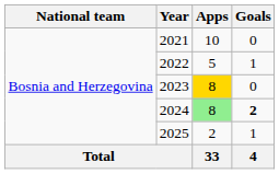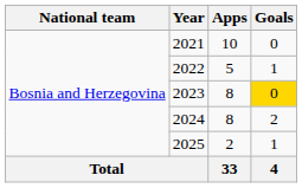 <table class="wikitable" style="text-align:center">
 <tr>
 <th>National team</th>
 <th>Year</th>
 <th>Apps</th>
 <th>Goals</th>
 </tr>
 <tr>
 <td rowspan="5"><a href='#'>Bosnia and Herzegovina</a></td>
 <td>2021</td>
 <td>10</td>
 <td>0</td>
 </tr>
 <tr>
 <td>2022</td>
 <td>5</td>
 <td>1</td>
 </tr>
 <tr>
 <td>2023</td>
-<td style="background: gold;">8</td>
-<td>0</td>
+<td>8</td>
+<td style="background: gold;">0</td>
 </tr>
 <tr>
 <td>2024</td>
-<td style="background: lightgreen;">8</td>
-<td><strong>2</strong></td>
+<td>8</td>
+<td>2</td>
 </tr>
 <tr>
 <td>2025</td>
 <td>2</td>
 <td>1</td>
 </tr>
 <tr>
 <th colspan="2">Total</th>
 <th>33</th>
 <th>4</th>
 </tr>
 </table>
